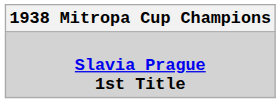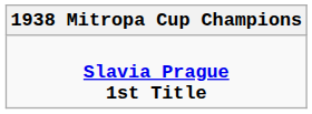 <table class=wikitable style="text-align:center; margin:auto">
 <tr>
 <th>1938 Mitropa Cup Champions</th>
 </tr>
 <tr>
-<td style="background: lightgrey;"> <br> <strong><a href='#'>Slavia Prague</a></strong> <br> <strong>1st Title</strong></td>
+<td> <br> <strong><a href='#'>Slavia Prague</a></strong> <br> <strong>1st Title</strong></td>
 </tr>
 </table>
